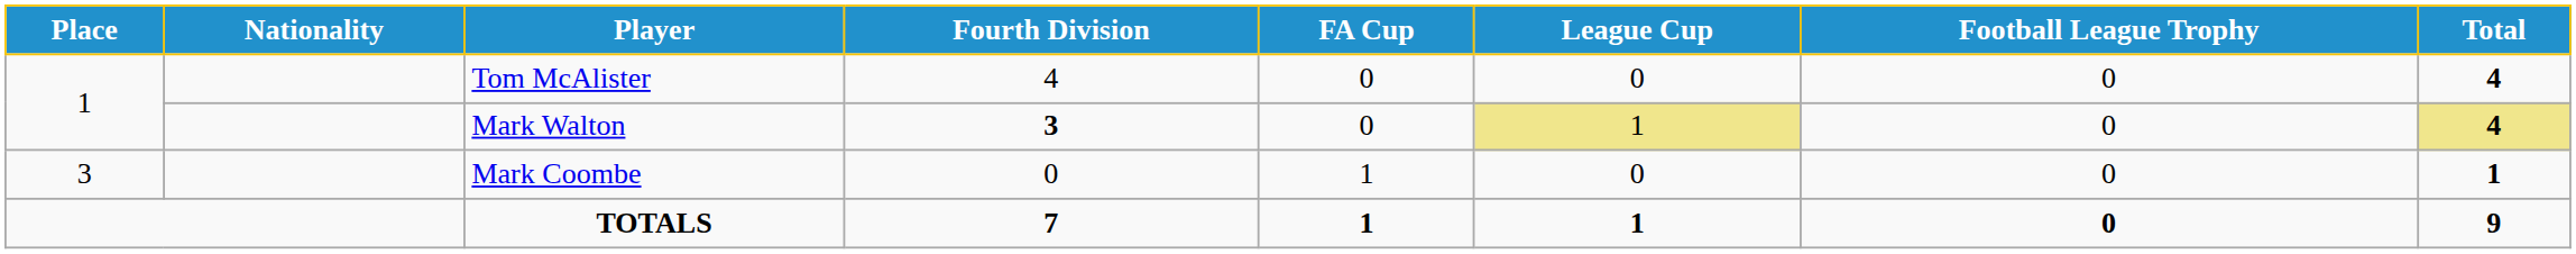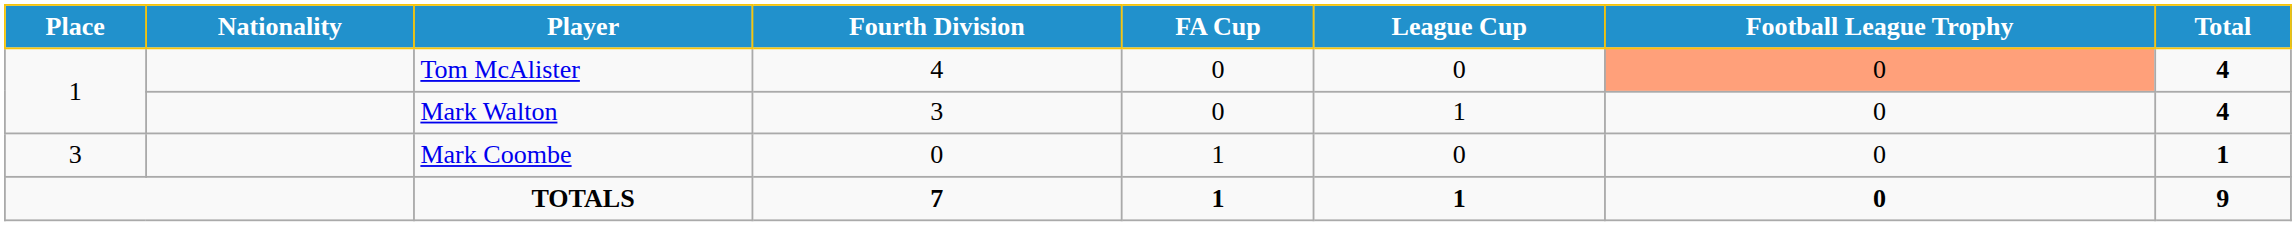 <table class="wikitable" style="text-align:center; font-size:90%; width:100%;">
 <tr>
 <th style="background:#2191CC; color:white; border:1px solid #F7C408; text-align:center;">Place</th>
 <th style="background:#2191CC; color:white; border:1px solid #F7C408; text-align:center;">Nationality</th>
 <th style="background:#2191CC; color:white; border:1px solid #F7C408; text-align:center;">Player</th>
 <th style="background:#2191CC; color:white; border:1px solid #F7C408; text-align:center;">Fourth Division</th>
 <th style="background:#2191CC; color:white; border:1px solid #F7C408; text-align:center;">FA Cup</th>
 <th style="background:#2191CC; color:white; border:1px solid #F7C408; text-align:center;">League Cup</th>
 <th style="background:#2191CC; color:white; border:1px solid #F7C408; text-align:center;">Football League Trophy</th>
 <th style="background:#2191CC; color:white; border:1px solid #F7C408; text-align:center;">Total</th>
 </tr>
 <tr>
 <td rowspan=2>1</td>
 <td></td>
 <td align="left"><a href='#'>Tom McAlister</a></td>
 <td>4</td>
 <td>0</td>
 <td>0</td>
-<td>0</td>
+<td style="background: lightsalmon;">0</td>
 <td><strong>4</strong></td>
 </tr>
 <tr>
 <td></td>
 <td align="left"><a href='#'>Mark Walton</a></td>
-<td><strong>3</strong></td>
+<td>3</td>
 <td>0</td>
-<td style="background: khaki;">1</td>
+<td>1</td>
 <td>0</td>
-<td style="background: khaki;"><strong>4</strong></td>
+<td><strong>4</strong></td>
 </tr>
 <tr>
 <td>3</td>
 <td></td>
 <td align="left"><a href='#'>Mark Coombe</a></td>
 <td>0</td>
 <td>1</td>
 <td>0</td>
 <td>0</td>
 <td><strong>1</strong></td>
 </tr>
 <tr>
 <td colspan="2"></td>
 <td><strong>TOTALS</strong></td>
 <td><strong>7</strong></td>
 <td><strong>1</strong></td>
 <td><strong>1</strong></td>
 <td><strong>0</strong></td>
 <td><strong>9</strong></td>
 </tr>
 </table>
